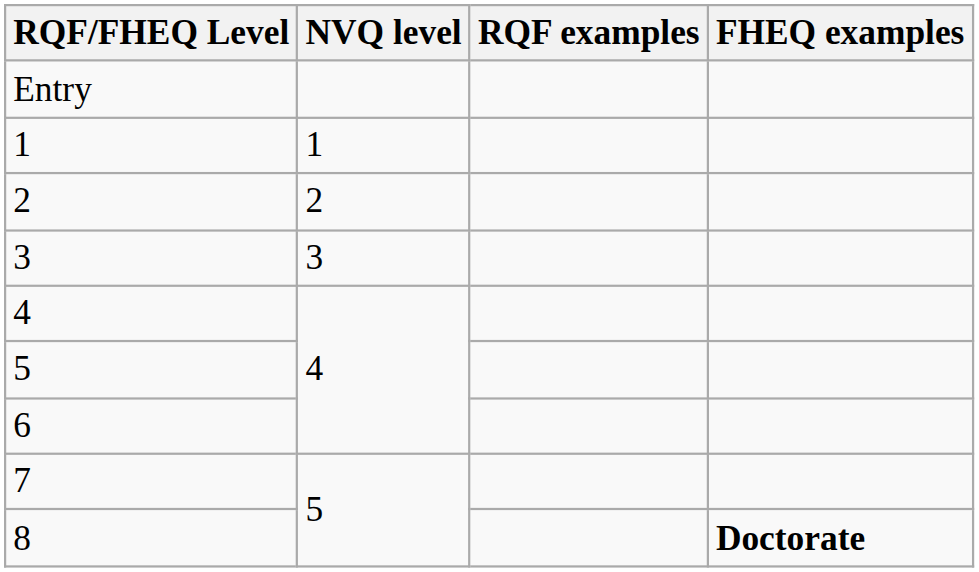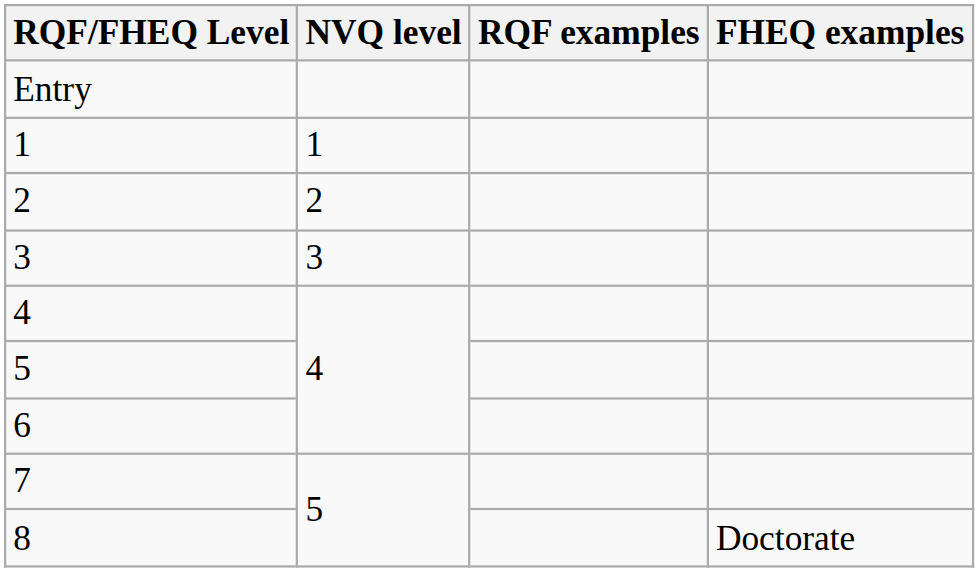 <table class="wikitable">
 <tr>
 <th>RQF/FHEQ Level</th>
 <th>NVQ level</th>
 <th>RQF examples</th>
 <th>FHEQ examples</th>
 </tr>
 <tr>
 <td>Entry</td>
 <td> </td>
 <td></td>
 <td> </td>
 </tr>
 <tr>
 <td>1</td>
 <td>1</td>
 <td> </td>
 </tr>
 <tr>
 <td>2</td>
 <td>2</td>
 <td></td>
 <td> </td>
 </tr>
 <tr>
 <td>3</td>
 <td>3</td>
 <td></td>
 <td> </td>
 </tr>
 <tr>
 <td>4</td>
 <td rowspan=3>4</td>
 <td></td>
 <td></td>
 </tr>
 <tr>
 <td>5</td>
 <td></td>
 <td></td>
 </tr>
 <tr>
 <td>6</td>
 <td></td>
 <td></td>
 </tr>
 <tr>
 <td>7</td>
 <td rowspan=2>5</td>
 <td></td>
 <td></td>
 </tr>
 <tr>
 <td>8</td>
 <td></td>
-<td><strong>Doctorate</strong></td>
+<td>Doctorate</td>
 </tr>
 </table>
